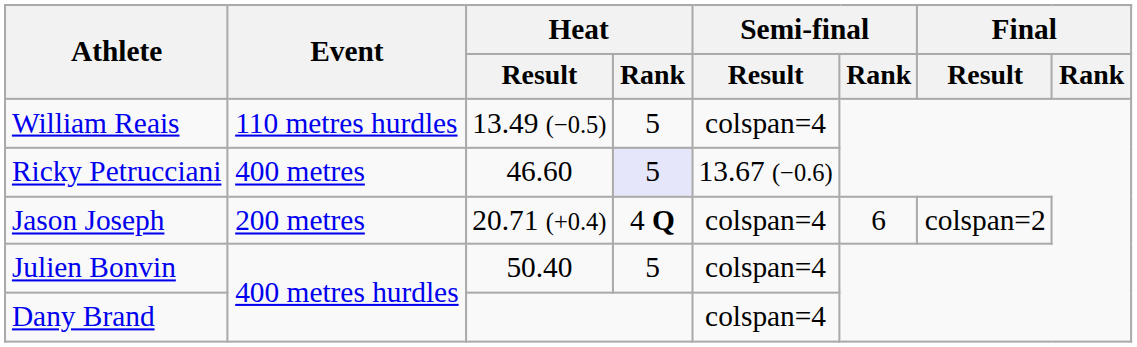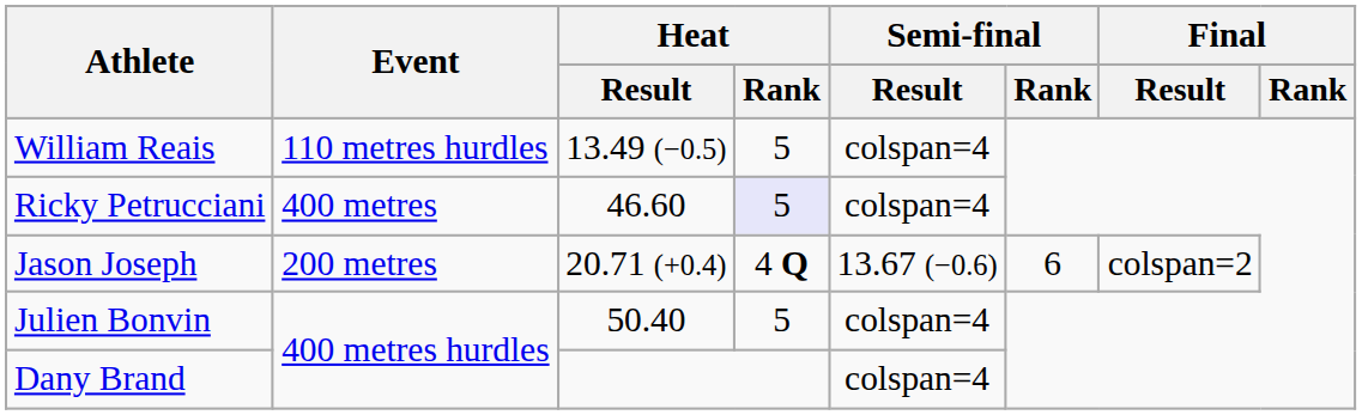 <table class="wikitable" style="font-size:90%">
 <tr>
 <th rowspan="2">Athlete</th>
 <th rowspan="2">Event</th>
 <th colspan="2">Heat</th>
 <th colspan="2">Semi-final</th>
 <th colspan="2">Final</th>
 </tr>
 <tr style="font-size:95%">
 <th>Result</th>
 <th>Rank</th>
 <th>Result</th>
 <th>Rank</th>
 <th>Result</th>
 <th>Rank</th>
 </tr>
 <tr align=center>
 <td align=left><a href='#'>William Reais</a></td>
 <td align=left><a href='#'>110 metres hurdles</a></td>
 <td>13.49 <small>(−0.5)</small></td>
 <td>5</td>
 <td>colspan=4 </td>
 </tr>
 <tr align=center>
 <td align=left><a href='#'>Ricky Petrucciani</a></td>
 <td align=left><a href='#'>400 metres</a></td>
 <td>46.60</td>
 <td style="background: lavender;">5</td>
-<td>13.67 <small>(−0.6)</small></td>
+<td>colspan=4 </td>
 </tr>
 <tr align=center>
 <td align=left><a href='#'>Jason Joseph</a></td>
 <td align=left><a href='#'>200 metres</a></td>
 <td>20.71 <small>(+0.4)</small> </td>
 <td>4 <strong>Q</strong></td>
-<td>colspan=4 </td>
+<td>13.67 <small>(−0.6)</small></td>
 <td>6</td>
 <td>colspan=2 </td>
 </tr>
 <tr align=center>
 <td align=left><a href='#'>Julien Bonvin</a></td>
 <td align=left rowspan=2><a href='#'>400 metres hurdles</a></td>
 <td>50.40</td>
 <td>5</td>
 <td>colspan=4 </td>
 </tr>
 <tr align=center>
 <td align=left><a href='#'>Dany Brand</a></td>
 <td colspan=2></td>
 <td>colspan=4 </td>
 </tr>
 </table>
